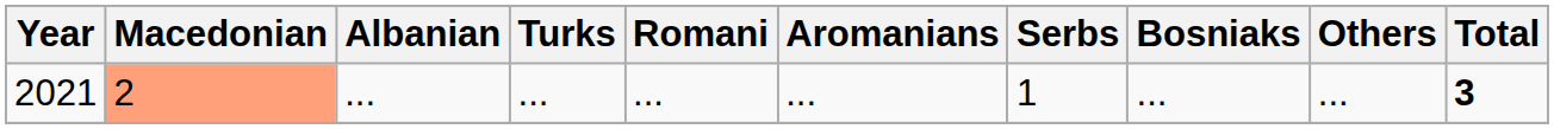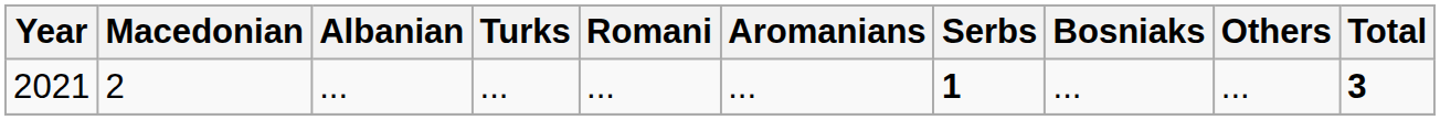 <table class="wikitable">
 <tr>
 <th>Year</th>
 <th>Macedonian</th>
 <th>Albanian</th>
 <th>Turks</th>
 <th>Romani</th>
 <th>Aromanians</th>
 <th>Serbs</th>
 <th>Bosniaks</th>
 <th><abbr>Others</abbr></th>
 <th>Total</th>
 </tr>
 <tr>
 <td>2021</td>
-<td style="background: lightsalmon;">2</td>
+<td>2</td>
 <td>...</td>
 <td>...</td>
 <td>...</td>
 <td>...</td>
-<td>1</td>
+<td><strong>1</strong></td>
 <td>...</td>
 <td>...</td>
 <td><strong>3</strong></td>
 </tr>
 <tr>
 </tr>
 </table>
